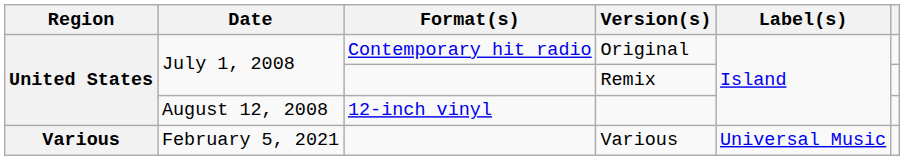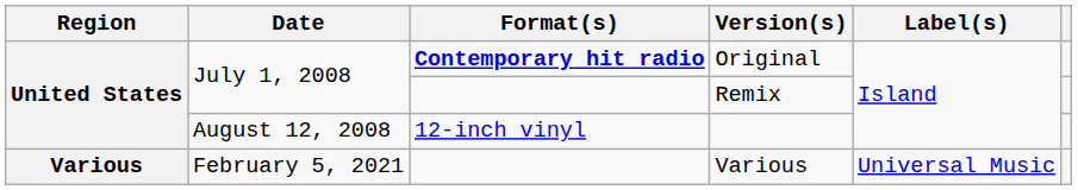 <table class="wikitable plainrowheaders">
 <tr>
 <th scope="col">Region</th>
 <th scope="col">Date</th>
 <th scope="col">Format(s)</th>
 <th scope="col">Version(s)</th>
 <th scope="col">Label(s)</th>
 <th scope="col"></th>
 </tr>
 <tr>
 <th scope="row" rowspan="3">United States</th>
 <td rowspan="2">July 1, 2008</td>
-<td><a href='#'>Contemporary hit radio</a></td>
+<td><strong><a href='#'>Contemporary hit radio</a></strong></td>
 <td>Original</td>
 <td rowspan="3"><a href='#'>Island</a></td>
 <td></td>
 </tr>
 <tr>
 <td></td>
 <td>Remix</td>
 <td></td>
 </tr>
 <tr>
 <td>August 12, 2008</td>
 <td><a href='#'>12-inch vinyl</a></td>
 <td></td>
 <td></td>
 </tr>
 <tr>
 <th scope="row">Various</th>
 <td>February 5, 2021</td>
 <td></td>
 <td>Various</td>
 <td><a href='#'>Universal Music</a></td>
 <td></td>
 </tr>
 </table>
